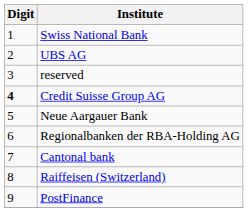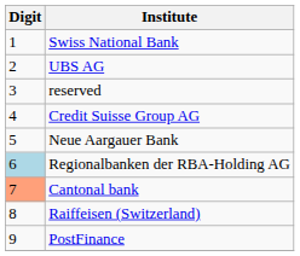 <table class="wikitable" border="1">
 <tr>
 <th>Digit</th>
 <th>Institute</th>
 </tr>
 <tr>
 <td>1</td>
 <td><a href='#'>Swiss National Bank</a></td>
 </tr>
 <tr>
 <td>2</td>
 <td><a href='#'>UBS AG</a></td>
 </tr>
 <tr>
 <td>3</td>
 <td>reserved</td>
 </tr>
 <tr>
-<td><strong>4</strong></td>
+<td>4</td>
 <td><a href='#'>Credit Suisse Group AG</a></td>
 </tr>
 <tr>
 <td>5</td>
 <td>Neue Aargauer Bank</td>
 </tr>
 <tr>
-<td>6</td>
+<td style="background: lightblue;">6</td>
 <td>Regionalbanken der RBA-Holding AG</td>
 </tr>
 <tr>
-<td>7</td>
+<td style="background: lightsalmon;">7</td>
 <td><a href='#'>Cantonal bank</a></td>
 </tr>
 <tr>
 <td>8</td>
 <td><a href='#'>Raiffeisen (Switzerland)</a></td>
 </tr>
 <tr>
 <td>9</td>
 <td><a href='#'>PostFinance</a></td>
 </tr>
 <tr>
 </tr>
 </table>
